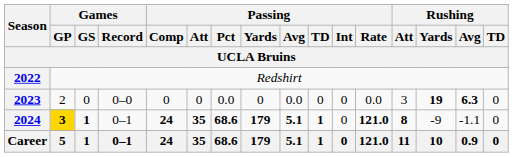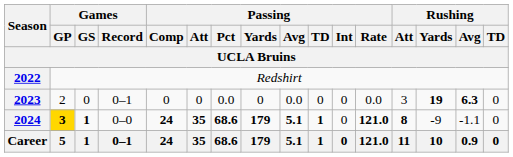 <table class="wikitable" style="text-align:center;">
 <tr>
 <th rowspan="2">Season</th>
 <th colspan="3">Games</th>
 <th colspan="8">Passing</th>
 <th colspan="5">Rushing</th>
 </tr>
 <tr>
 <th>GP</th>
 <th>GS</th>
 <th>Record</th>
 <th>Comp</th>
 <th>Att</th>
 <th>Pct</th>
 <th>Yards</th>
 <th>Avg</th>
 <th>TD</th>
 <th>Int</th>
 <th>Rate</th>
 <th>Att</th>
 <th>Yards</th>
 <th>Avg</th>
 <th>TD</th>
 </tr>
 <tr>
 <th colspan="17">UCLA Bruins</th>
 </tr>
 <tr>
 <th><a href='#'>2022</a></th>
 <td colspan="15"><em>Redshirt </em></td>
 </tr>
 <tr>
 <th><a href='#'>2023</a></th>
 <td>2</td>
 <td>0</td>
-<td>0–0</td>
+<td>0–1</td>
 <td>0</td>
 <td>0</td>
 <td>0.0</td>
 <td>0</td>
 <td>0.0</td>
 <td>0</td>
 <td>0</td>
 <td>0.0</td>
 <td>3</td>
 <td><strong>19</strong></td>
 <td><strong>6.3</strong></td>
 <td>0</td>
 </tr>
 <tr>
 <th><a href='#'>2024</a></th>
 <td style="background: gold;"><strong>3</strong></td>
 <td><strong>1</strong></td>
-<td>0–1</td>
+<td>0–0</td>
 <td><strong>24</strong></td>
 <td><strong>35</strong></td>
 <td><strong>68.6</strong></td>
 <td><strong>179</strong></td>
 <td><strong>5.1</strong></td>
 <td><strong>1</strong></td>
 <td>0</td>
 <td><strong>121.0</strong></td>
 <td><strong>8</strong></td>
 <td>-9</td>
 <td>-1.1</td>
 <td>0</td>
 </tr>
 <tr>
 <th>Career</th>
 <th>5</th>
 <th>1</th>
 <th>0–1</th>
 <th>24</th>
 <th>35</th>
 <th>68.6</th>
 <th>179</th>
 <th>5.1</th>
 <th>1</th>
 <th>0</th>
 <th>121.0</th>
 <th>11</th>
 <th>10</th>
 <th>0.9</th>
 <th>0</th>
 </tr>
 </table>
